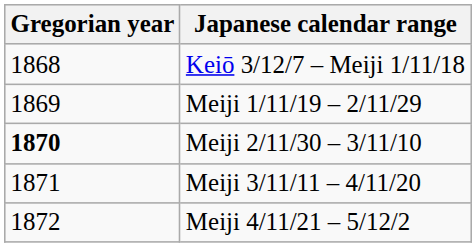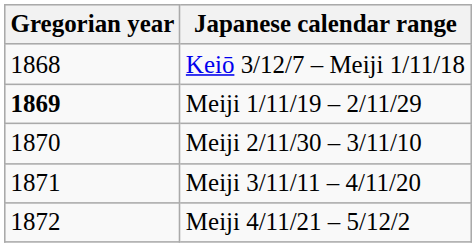 <table class="wikitable">
 <tr>
 <th>Gregorian year</th>
 <th>Japanese calendar range</th>
 </tr>
 <tr>
 <td>1868</td>
 <td><a href='#'>Keiō</a> 3/12/7 – Meiji 1/11/18</td>
 </tr>
 <tr>
-<td>1869</td>
+<td><strong>1869</strong></td>
 <td>Meiji 1/11/19 – 2/11/29</td>
 </tr>
 <tr>
-<td><strong>1870</strong></td>
+<td>1870</td>
 <td>Meiji 2/11/30 – 3/11/10</td>
 </tr>
 <tr>
 <td>1871</td>
 <td>Meiji 3/11/11 – 4/11/20</td>
 </tr>
 <tr>
 <td>1872</td>
 <td>Meiji 4/11/21 – 5/12/2</td>
 </tr>
 </table>
